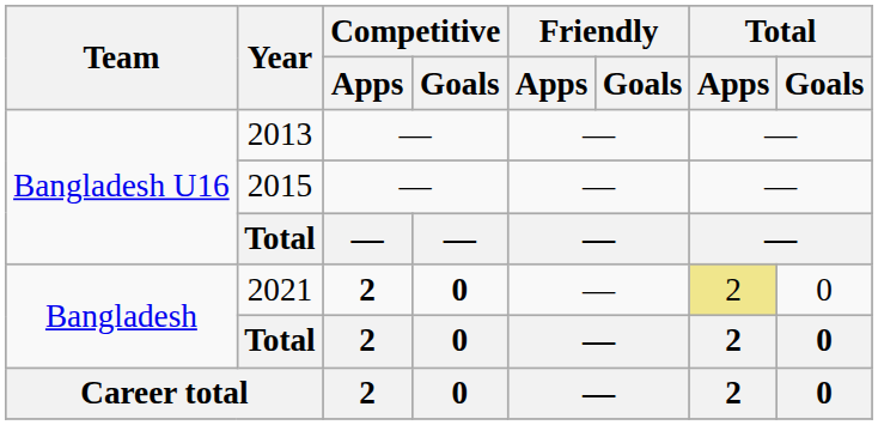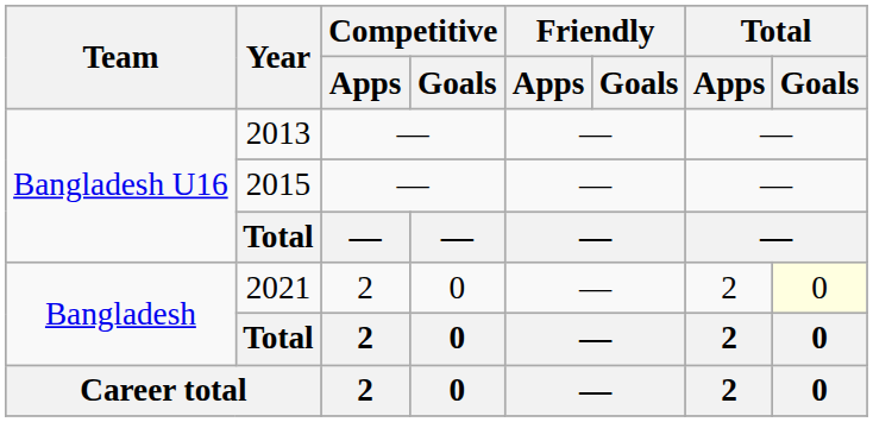 <table class="wikitable" style="text-align:center;"">
 <tr>
 <th rowspan=2>Team</th>
 <th rowspan=2>Year</th>
 <th colspan=2>Competitive</th>
 <th colspan=2>Friendly</th>
 <th colspan=2>Total</th>
 </tr>
 <tr>
 <th>Apps</th>
 <th>Goals</th>
 <th>Apps</th>
 <th>Goals</th>
 <th>Apps</th>
 <th>Goals</th>
 </tr>
 <tr>
 <td rowspan=3><a href='#'>Bangladesh U16</a></td>
 <td>2013</td>
 <td colspan=2>—</td>
 <td colspan="2">—</td>
 <td colspan="2">—</td>
 </tr>
 <tr>
 <td>2015</td>
 <td colspan="2">—</td>
 <td colspan="2">—</td>
 <td colspan="2">—</td>
 </tr>
 <tr>
 <th>Total</th>
 <th>—</th>
 <th>—</th>
 <th colspan="2">—</th>
 <th colspan="2">—</th>
 </tr>
 <tr>
 <td rowspan="2"><a href='#'>Bangladesh</a></td>
 <td>2021</td>
-<td><strong>2</strong></td>
-<td><strong>0</strong></td>
+<td>2</td>
+<td>0</td>
 <td colspan="2">—</td>
-<td style="background: khaki;">2</td>
-<td>0</td>
+<td>2</td>
+<td style="background: lightyellow;">0</td>
 </tr>
 <tr>
 <th>Total</th>
 <th>2</th>
 <th>0</th>
 <th colspan="2">—</th>
 <th>2</th>
 <th>0</th>
 </tr>
 <tr>
 <th colspan="2">Career total</th>
 <th>2</th>
 <th>0</th>
 <th colspan="2">—</th>
 <th>2</th>
 <th>0</th>
 </tr>
 </table>
